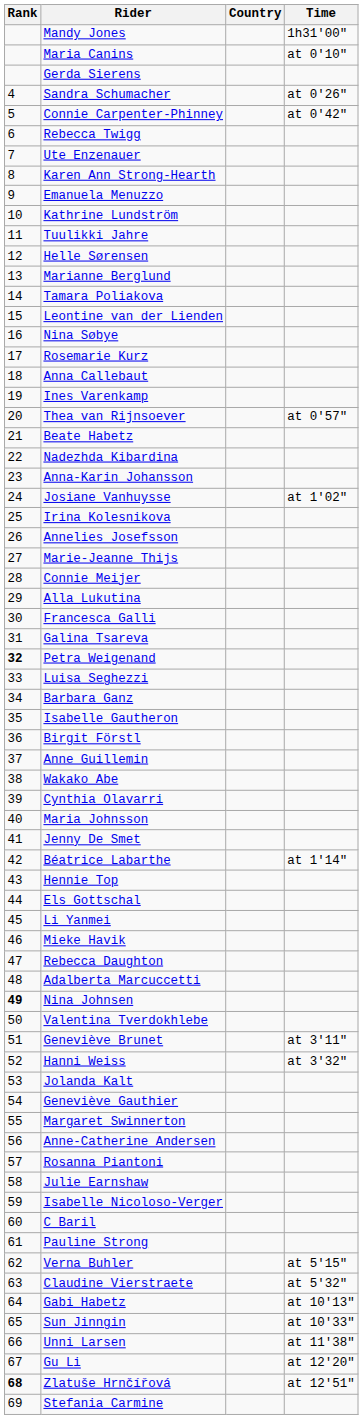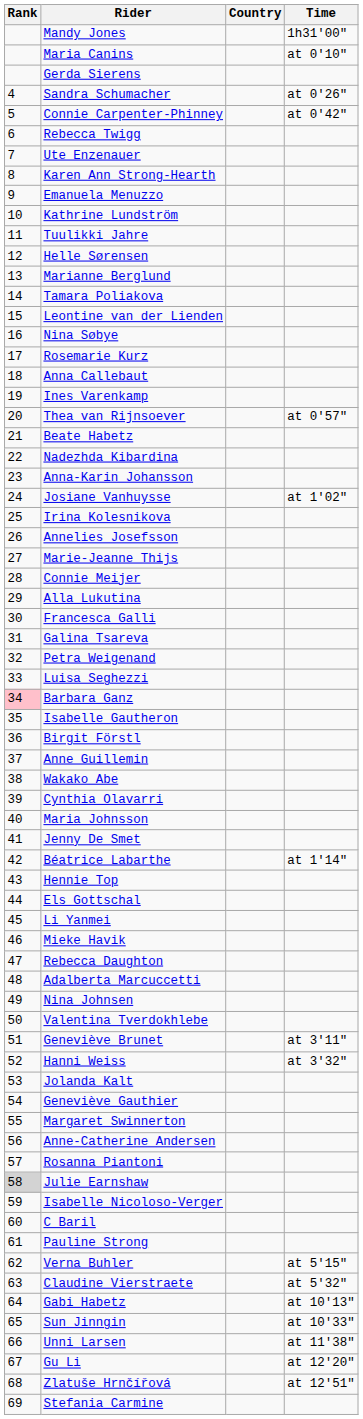 <table class="wikitable" style="font-size:95%; text-align:left;">
 <tr>
 <th>Rank</th>
 <th>Rider</th>
 <th>Country</th>
 <th>Time</th>
 </tr>
 <tr>
 <td></td>
 <td><a href='#'>Mandy Jones</a></td>
 <td></td>
 <td>1h31'00"</td>
 </tr>
 <tr>
 <td></td>
 <td><a href='#'>Maria Canins</a></td>
 <td></td>
 <td>at 0'10"</td>
 </tr>
 <tr>
 <td></td>
 <td><a href='#'>Gerda Sierens</a></td>
 <td></td>
 <td></td>
 </tr>
 <tr>
 <td>4</td>
 <td><a href='#'>Sandra Schumacher</a></td>
 <td></td>
 <td>at 0'26"</td>
 </tr>
 <tr>
 <td>5</td>
 <td><a href='#'>Connie Carpenter-Phinney</a></td>
 <td></td>
 <td>at 0'42"</td>
 </tr>
 <tr>
 <td>6</td>
 <td><a href='#'>Rebecca Twigg</a></td>
 <td></td>
 <td></td>
 </tr>
 <tr>
 <td>7</td>
 <td><a href='#'>Ute Enzenauer</a></td>
 <td></td>
 <td></td>
 </tr>
 <tr>
 <td>8</td>
 <td><a href='#'>Karen Ann Strong-Hearth</a></td>
 <td></td>
 <td></td>
 </tr>
 <tr>
 <td>9</td>
 <td><a href='#'>Emanuela Menuzzo</a></td>
 <td></td>
 <td></td>
 </tr>
 <tr>
 <td>10</td>
 <td><a href='#'>Kathrine Lundström</a></td>
 <td></td>
 <td></td>
 </tr>
 <tr>
 <td>11</td>
 <td><a href='#'>Tuulikki Jahre</a></td>
 <td></td>
 <td></td>
 </tr>
 <tr>
 <td>12</td>
 <td><a href='#'>Helle Sørensen</a></td>
 <td></td>
 <td></td>
 </tr>
 <tr>
 <td>13</td>
 <td><a href='#'>Marianne Berglund</a></td>
 <td></td>
 <td></td>
 </tr>
 <tr>
 <td>14</td>
 <td><a href='#'>Tamara Poliakova</a></td>
 <td></td>
 <td></td>
 </tr>
 <tr>
 <td>15</td>
 <td><a href='#'>Leontine van der Lienden</a></td>
 <td></td>
 <td></td>
 </tr>
 <tr>
 <td>16</td>
 <td><a href='#'>Nina Søbye</a></td>
 <td></td>
 <td></td>
 </tr>
 <tr>
 <td>17</td>
 <td><a href='#'>Rosemarie Kurz</a></td>
 <td></td>
 <td></td>
 </tr>
 <tr>
 <td>18</td>
 <td><a href='#'>Anna Callebaut</a></td>
 <td></td>
 <td></td>
 </tr>
 <tr>
 <td>19</td>
 <td><a href='#'>Ines Varenkamp</a></td>
 <td></td>
 <td></td>
 </tr>
 <tr>
 <td>20</td>
 <td><a href='#'>Thea van Rijnsoever</a></td>
 <td></td>
 <td>at 0'57"</td>
 </tr>
 <tr>
 <td>21</td>
 <td><a href='#'>Beate Habetz</a></td>
 <td></td>
 <td></td>
 </tr>
 <tr>
 <td>22</td>
 <td><a href='#'>Nadezhda Kibardina</a></td>
 <td></td>
 <td></td>
 </tr>
 <tr>
 <td>23</td>
 <td><a href='#'>Anna-Karin Johansson</a></td>
 <td></td>
 <td></td>
 </tr>
 <tr>
 <td>24</td>
 <td><a href='#'>Josiane Vanhuysse</a></td>
 <td></td>
 <td>at 1'02"</td>
 </tr>
 <tr>
 <td>25</td>
 <td><a href='#'>Irina Kolesnikova</a></td>
 <td></td>
 <td></td>
 </tr>
 <tr>
 <td>26</td>
 <td><a href='#'>Annelies Josefsson</a></td>
 <td></td>
 <td></td>
 </tr>
 <tr>
 <td>27</td>
 <td><a href='#'>Marie-Jeanne Thijs</a></td>
 <td></td>
 <td></td>
 </tr>
 <tr>
 <td>28</td>
 <td><a href='#'>Connie Meijer</a></td>
 <td></td>
 <td></td>
 </tr>
 <tr>
 <td>29</td>
 <td><a href='#'>Alla Lukutina</a></td>
 <td></td>
 <td></td>
 </tr>
 <tr>
 <td>30</td>
 <td><a href='#'>Francesca Galli</a></td>
 <td></td>
 <td></td>
 </tr>
 <tr>
 <td>31</td>
 <td><a href='#'>Galina Tsareva</a></td>
 <td></td>
 <td></td>
 </tr>
 <tr>
-<td><strong>32</strong></td>
+<td>32</td>
 <td><a href='#'>Petra Weigenand</a></td>
 <td></td>
 <td></td>
 </tr>
 <tr>
 <td>33</td>
 <td><a href='#'>Luisa Seghezzi</a></td>
 <td></td>
 <td></td>
 </tr>
 <tr>
-<td>34</td>
+<td style="background: pink;">34</td>
 <td><a href='#'>Barbara Ganz</a></td>
 <td></td>
 <td></td>
 </tr>
 <tr>
 <td>35</td>
 <td><a href='#'>Isabelle Gautheron</a></td>
 <td></td>
 <td></td>
 </tr>
 <tr>
 <td>36</td>
 <td><a href='#'>Birgit Förstl</a></td>
 <td></td>
 <td></td>
 </tr>
 <tr>
 <td>37</td>
 <td><a href='#'>Anne Guillemin</a></td>
 <td></td>
 <td></td>
 </tr>
 <tr>
 <td>38</td>
 <td><a href='#'>Wakako Abe</a></td>
 <td></td>
 <td></td>
 </tr>
 <tr>
 <td>39</td>
 <td><a href='#'>Cynthia Olavarri</a></td>
 <td></td>
 <td></td>
 </tr>
 <tr>
 <td>40</td>
 <td><a href='#'>Maria Johnsson</a></td>
 <td></td>
 <td></td>
 </tr>
 <tr>
 <td>41</td>
 <td><a href='#'>Jenny De Smet</a></td>
 <td></td>
 <td></td>
 </tr>
 <tr>
 <td>42</td>
 <td><a href='#'>Béatrice Labarthe</a></td>
 <td></td>
 <td>at 1'14"</td>
 </tr>
 <tr>
 <td>43</td>
 <td><a href='#'>Hennie Top</a></td>
 <td></td>
 <td></td>
 </tr>
 <tr>
 <td>44</td>
 <td><a href='#'>Els Gottschal</a></td>
 <td></td>
 <td></td>
 </tr>
 <tr>
 <td>45</td>
 <td><a href='#'>Li Yanmei</a></td>
 <td></td>
 <td></td>
 </tr>
 <tr>
 <td>46</td>
 <td><a href='#'>Mieke Havik</a></td>
 <td></td>
 <td></td>
 </tr>
 <tr>
 <td>47</td>
 <td><a href='#'>Rebecca Daughton</a></td>
 <td></td>
 <td></td>
 </tr>
 <tr>
 <td>48</td>
 <td><a href='#'>Adalberta Marcuccetti</a></td>
 <td></td>
 <td></td>
 </tr>
 <tr>
-<td><strong>49</strong></td>
+<td>49</td>
 <td><a href='#'>Nina Johnsen</a></td>
 <td></td>
 <td></td>
 </tr>
 <tr>
 <td>50</td>
 <td><a href='#'>Valentina Tverdokhlebe</a></td>
 <td></td>
 <td></td>
 </tr>
 <tr>
 <td>51</td>
 <td><a href='#'>Geneviève Brunet</a></td>
 <td></td>
 <td>at 3'11"</td>
 </tr>
 <tr>
 <td>52</td>
 <td><a href='#'>Hanni Weiss</a></td>
 <td></td>
 <td>at 3'32"</td>
 </tr>
 <tr>
 <td>53</td>
 <td><a href='#'>Jolanda Kalt</a></td>
 <td></td>
 <td></td>
 </tr>
 <tr>
 <td>54</td>
 <td><a href='#'>Geneviève Gauthier</a></td>
 <td></td>
 <td></td>
 </tr>
 <tr>
 <td>55</td>
 <td><a href='#'>Margaret Swinnerton</a></td>
 <td></td>
 <td></td>
 </tr>
 <tr>
 <td>56</td>
 <td><a href='#'>Anne-Catherine Andersen</a></td>
 <td></td>
 <td></td>
 </tr>
 <tr>
 <td>57</td>
 <td><a href='#'>Rosanna Piantoni</a></td>
 <td></td>
 <td></td>
 </tr>
 <tr>
-<td>58</td>
+<td style="background: lightgrey;">58</td>
 <td><a href='#'>Julie Earnshaw</a></td>
 <td></td>
 <td></td>
 </tr>
 <tr>
 <td>59</td>
 <td><a href='#'>Isabelle Nicoloso-Verger</a></td>
 <td></td>
 <td></td>
 </tr>
 <tr>
 <td>60</td>
 <td><a href='#'>C Baril</a></td>
 <td></td>
 <td></td>
 </tr>
 <tr>
 <td>61</td>
 <td><a href='#'>Pauline Strong</a></td>
 <td></td>
 <td></td>
 </tr>
 <tr>
 <td>62</td>
 <td><a href='#'>Verna Buhler</a></td>
 <td></td>
 <td>at 5'15"</td>
 </tr>
 <tr>
 <td>63</td>
 <td><a href='#'>Claudine Vierstraete</a></td>
 <td></td>
 <td>at 5'32"</td>
 </tr>
 <tr>
 <td>64</td>
 <td><a href='#'>Gabi Habetz</a></td>
 <td></td>
 <td>at 10'13"</td>
 </tr>
 <tr>
 <td>65</td>
 <td><a href='#'>Sun Jinngin</a></td>
 <td></td>
 <td>at 10'33"</td>
 </tr>
 <tr>
 <td>66</td>
 <td><a href='#'>Unni Larsen</a></td>
 <td></td>
 <td>at 11'38"</td>
 </tr>
 <tr>
 <td>67</td>
 <td><a href='#'>Gu Li</a></td>
 <td></td>
 <td>at 12'20"</td>
 </tr>
 <tr>
-<td><strong>68</strong></td>
+<td>68</td>
 <td><a href='#'>Zlatuše Hrnčířová</a></td>
 <td></td>
 <td>at 12'51"</td>
 </tr>
 <tr>
 <td>69</td>
 <td><a href='#'>Stefania Carmine</a></td>
 <td></td>
 <td></td>
 </tr>
 </table>
